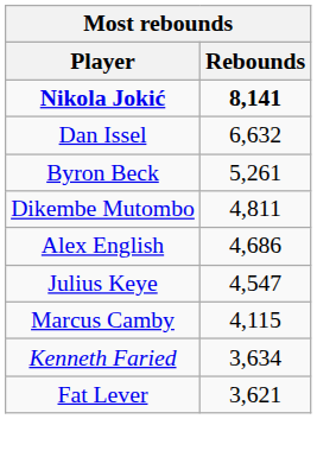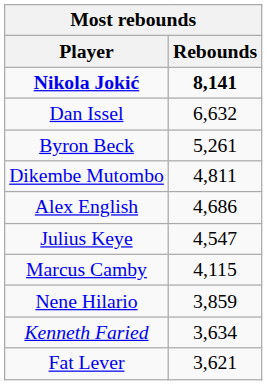 <table class="wikitable sortable" style="text-align:center">
 <tr>
 <th colspan="2" style="text-align:center; ">Most rebounds</th>
 </tr>
 <tr>
 <th style="text-align:center; ">Player</th>
 <th style="text-align:center; ">Rebounds</th>
 </tr>
 <tr>
 <td><strong><a href='#'>Nikola Jokić</a></strong></td>
 <td><strong>8,141</strong></td>
 </tr>
 <tr>
 <td><a href='#'>Dan Issel</a></td>
 <td>6,632</td>
 </tr>
 <tr>
 <td><a href='#'>Byron Beck</a></td>
 <td>5,261</td>
 </tr>
 <tr>
 <td><a href='#'>Dikembe Mutombo</a></td>
 <td>4,811</td>
 </tr>
 <tr>
 <td><a href='#'>Alex English</a></td>
 <td>4,686</td>
 </tr>
 <tr>
 <td><a href='#'>Julius Keye</a></td>
 <td>4,547</td>
 </tr>
 <tr>
 <td><a href='#'>Marcus Camby</a></td>
 <td>4,115</td>
 </tr>
 <tr>
+<td><a href='#'>Nene Hilario</a></td>
+<td>3,859</td>
+</tr>
+<tr>
 <td><em><a href='#'>Kenneth Faried</a></em></td>
 <td>3,634</td>
 </tr>
 <tr>
 <td><a href='#'>Fat Lever</a></td>
 <td>3,621</td>
 </tr>
 </table>
